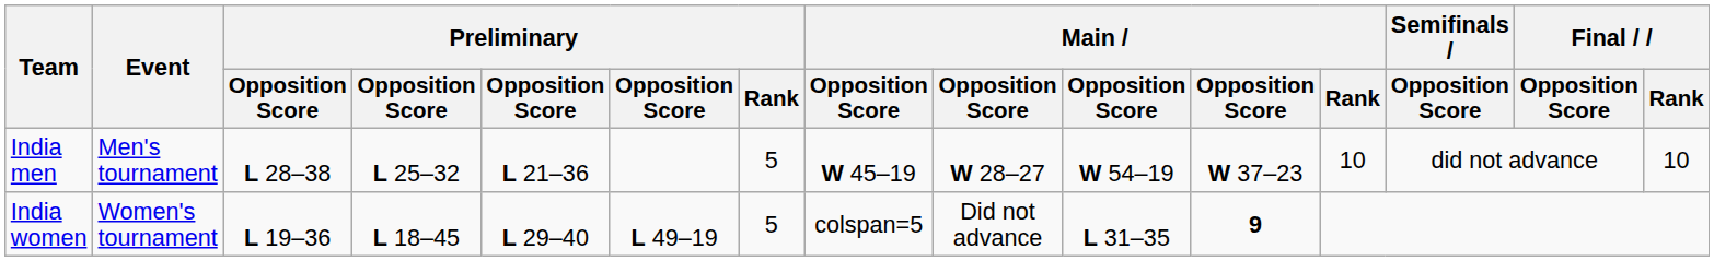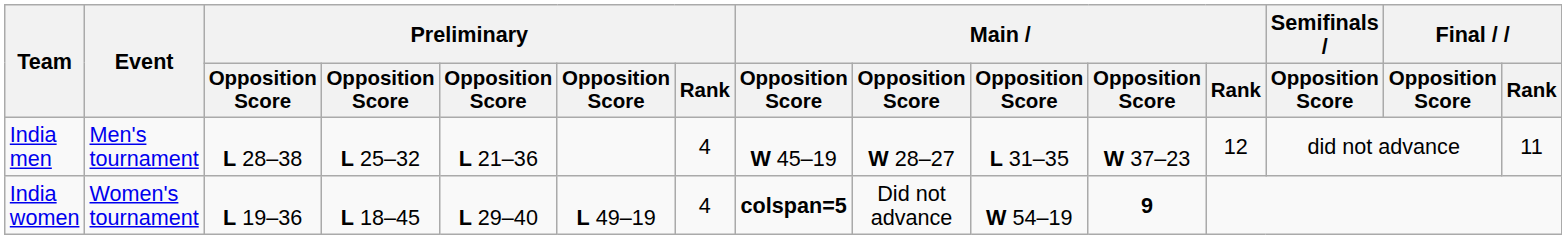 <table class=wikitable style=font-size:90%;text-align:center>
 <tr>
 <th rowspan=2>Team</th>
 <th rowspan=2>Event</th>
 <th colspan=5>Preliminary</th>
 <th colspan=5>Main / </th>
 <th>Semifinals / </th>
 <th colspan=2>Final /  / </th>
 </tr>
 <tr style="font-size:95%">
 <th>Opposition<br>Score</th>
 <th>Opposition<br>Score</th>
 <th>Opposition<br>Score</th>
 <th>Opposition<br>Score</th>
 <th>Rank</th>
 <th>Opposition<br>Score</th>
 <th>Opposition<br>Score</th>
 <th>Opposition<br>Score</th>
 <th>Opposition<br>Score</th>
 <th>Rank</th>
 <th>Opposition<br>Score</th>
 <th>Opposition<br>Score</th>
 <th>Rank</th>
 </tr>
 <tr>
 <td align=left><a href='#'>India men</a></td>
 <td align=left><a href='#'>Men's tournament</a></td>
 <td><br><strong>L</strong> 28–38</td>
 <td><br><strong>L</strong> 25–32</td>
 <td><br><strong>L</strong> 21–36</td>
 <td></td>
-<td>5</td>
+<td>4</td>
 <td><br><strong>W</strong> 45–19</td>
 <td><br><strong>W</strong> 28–27</td>
-<td><br><strong>W</strong> 54–19</td>
+<td><br><strong>L</strong> 31–35</td>
 <td><br><strong>W</strong> 37–23</td>
-<td>10</td>
+<td>12</td>
 <td colspan="2">did not advance</td>
-<td>10</td>
+<td>11</td>
 </tr>
 <tr>
 <td align=left><a href='#'>India women</a></td>
 <td align=left><a href='#'>Women's tournament</a></td>
 <td><br><strong>L</strong> 19–36</td>
 <td><br><strong>L</strong> 18–45</td>
 <td><br><strong>L</strong> 29–40</td>
 <td><br><strong>L</strong> 49–19</td>
-<td>5</td>
-<td>colspan=5 </td>
+<td>4</td>
+<td><strong>colspan=5 </strong></td>
 <td>Did not advance</td>
-<td><br><strong>L</strong> 31–35</td>
+<td><br><strong>W</strong> 54–19</td>
 <td><strong>9</strong></td>
 </tr>
 </table>
